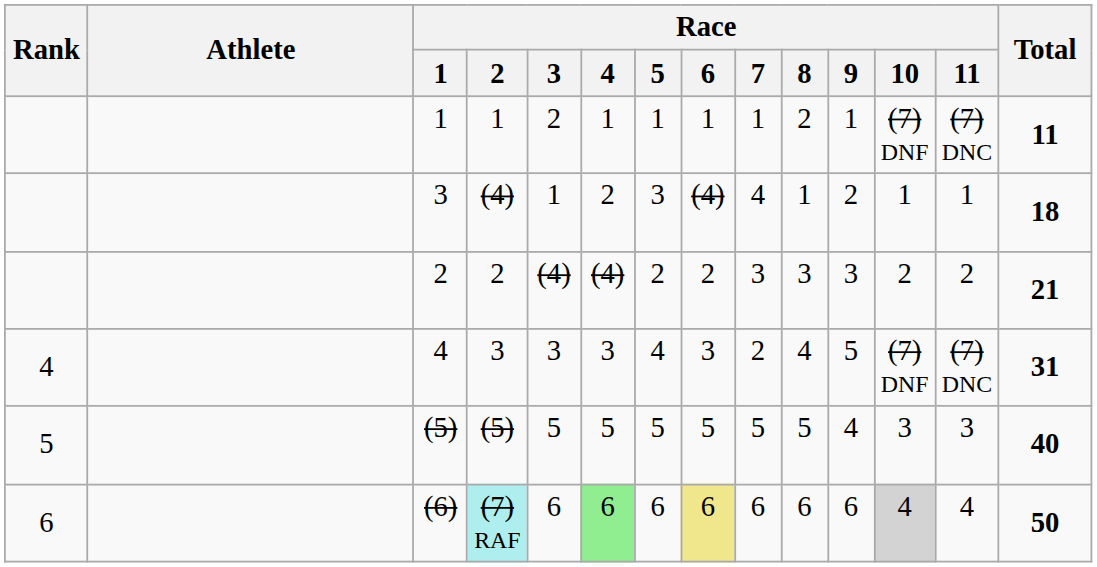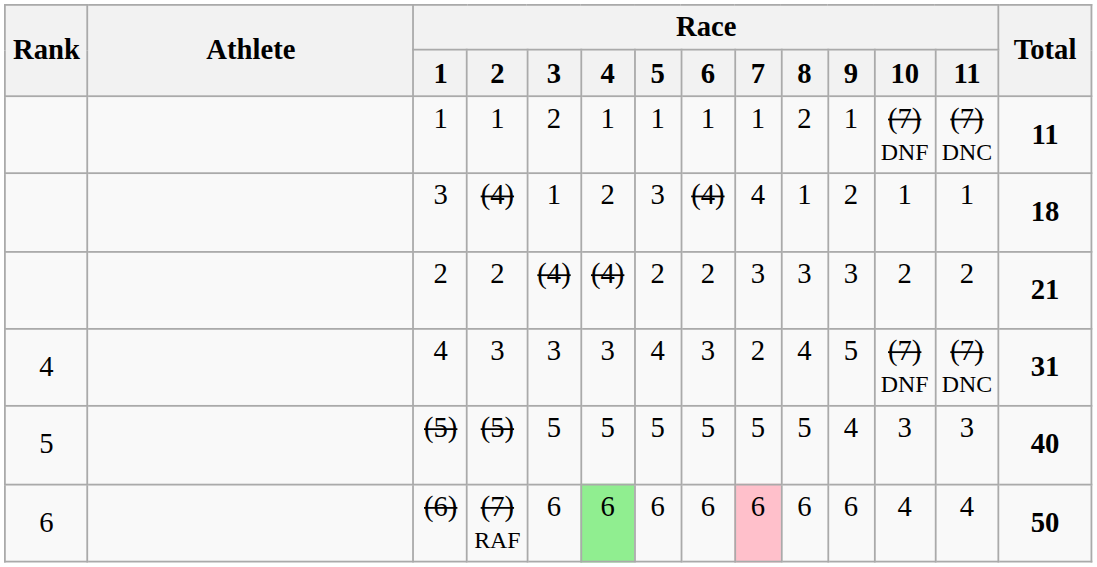 <table | class="wikitable" style="text-align:center">
 <tr>
 <th rowspan="2" width=40>Rank</th>
 <th rowspan="2" width=250>Athlete</th>
 <th colspan="11">Race</th>
 <th rowspan="2" width=50>Total</th>
 </tr>
 <tr>
 <th width=25>1</th>
 <th width=25>2</th>
 <th width=25>3</th>
 <th width=25>4</th>
 <th width=25>5</th>
 <th width=25>6</th>
 <th width=25>7</th>
 <th width=25>8</th>
 <th width=25>9</th>
 <th width=25>10</th>
 <th width=25>11</th>
 </tr>
 <tr>
 <td></td>
 <td align=left></td>
 <td>1<br> </td>
 <td>1<br> </td>
 <td>2<br> </td>
 <td>1<br> </td>
 <td>1<br> </td>
 <td>1<br> </td>
 <td>1<br> </td>
 <td>2<br> </td>
 <td>1<br> </td>
 <td><s>(7)</s><br><small>DNF</small></td>
 <td><s>(7)</s><br><small>DNC</small></td>
 <td><strong>11</strong></td>
 </tr>
 <tr>
 <td></td>
 <td align=left></td>
 <td>3<br> </td>
 <td><s>(4)</s><br> </td>
 <td>1<br> </td>
 <td>2<br> </td>
 <td>3<br> </td>
 <td><s>(4)</s><br> </td>
 <td>4<br> </td>
 <td>1<br> </td>
 <td>2<br> </td>
 <td>1<br> </td>
 <td>1<br> </td>
 <td><strong>18</strong></td>
 </tr>
 <tr>
 <td></td>
 <td align=left></td>
 <td>2<br> </td>
 <td>2<br> </td>
 <td><s>(4)</s><br> </td>
 <td><s>(4)</s><br> </td>
 <td>2<br> </td>
 <td>2<br> </td>
 <td>3<br> </td>
 <td>3<br> </td>
 <td>3<br> </td>
 <td>2<br> </td>
 <td>2<br> </td>
 <td><strong>21</strong></td>
 </tr>
 <tr>
 <td>4</td>
 <td align=left></td>
 <td>4<br> </td>
 <td>3<br> </td>
 <td>3<br> </td>
 <td>3<br> </td>
 <td>4<br> </td>
 <td>3<br> </td>
 <td>2<br> </td>
 <td>4<br> </td>
 <td>5<br> </td>
 <td><s>(7)</s><br><small>DNF</small></td>
 <td><s>(7)</s><br><small>DNC</small></td>
 <td><strong>31</strong></td>
 </tr>
 <tr>
 <td>5</td>
 <td align=left></td>
 <td><s>(5)</s><br> </td>
 <td><s>(5)</s><br> </td>
 <td>5<br> </td>
 <td>5<br> </td>
 <td>5<br> </td>
 <td>5<br> </td>
 <td>5<br> </td>
 <td>5<br> </td>
 <td>4<br> </td>
 <td>3<br> </td>
 <td>3<br> </td>
 <td><strong>40</strong></td>
 </tr>
 <tr>
 <td>6</td>
 <td align=left></td>
 <td><s>(6)</s><br> </td>
-<td style="background: paleturquoise;"><s>(7)</s><br><small>RAF</small></td>
+<td><s>(7)</s><br><small>RAF</small></td>
 <td>6<br> </td>
 <td style="background: lightgreen;">6<br> </td>
 <td>6<br> </td>
-<td style="background: khaki;">6<br> </td>
+<td>6<br> </td>
+<td style="background: pink;">6<br> </td>
 <td>6<br> </td>
 <td>6<br> </td>
-<td>6<br> </td>
-<td style="background: lightgrey;">4<br> </td>
+<td>4<br> </td>
 <td>4<br> </td>
 <td><strong>50</strong></td>
 </tr>
 </table>
